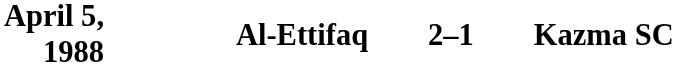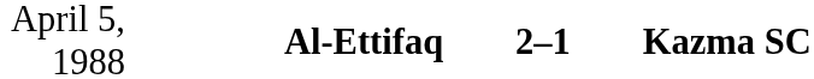 <table width=100% cellspacing=1>
 <tr>
 <th width=10%></th>
 <th width=20%></th>
 <th width=12%></th>
 <th width=20%></th>
 <th></th>
 </tr>
 <tr style=font-size:90%>
-<td align=right><strong>April 5, 1988</strong></td>
+<td align=right>April 5, 1988</td>
 <td align=right><strong>Al-Ettifaq</strong></td>
 <td align=center><strong>2–1</strong></td>
 <td><strong>Kazma SC</strong></td>
 </tr>
 </table>
